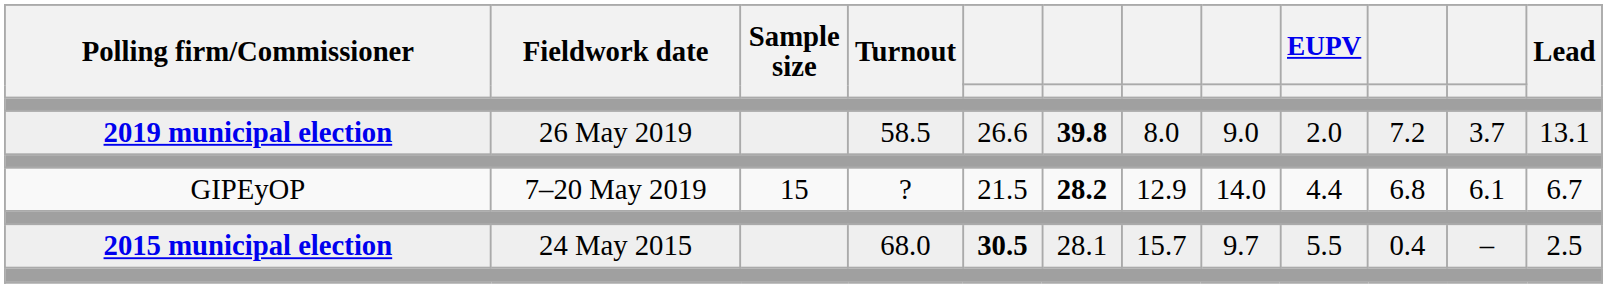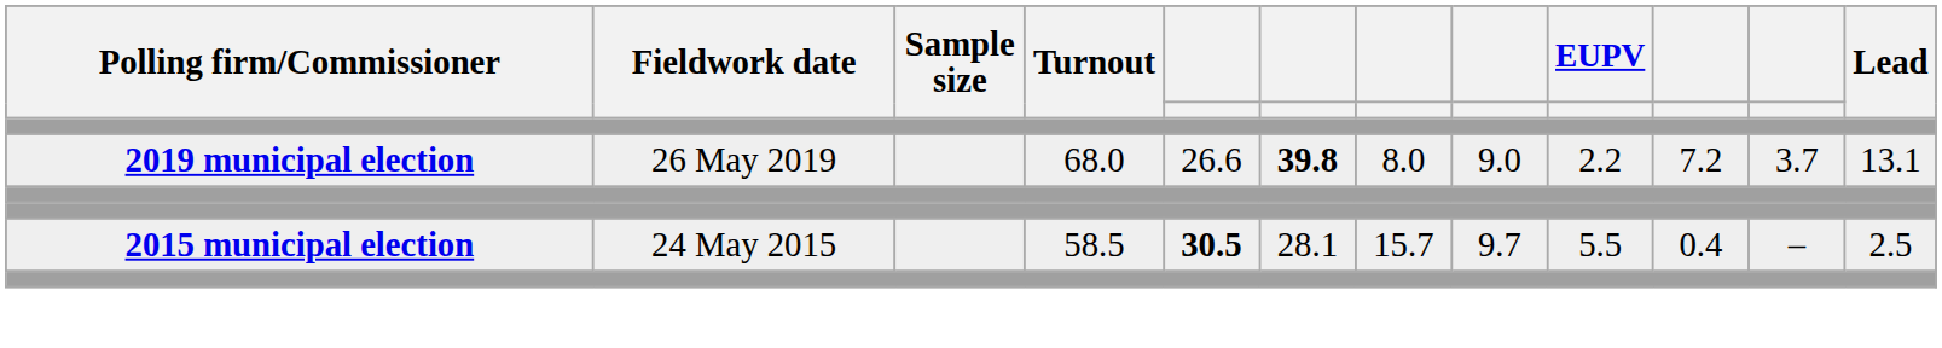 <table class="wikitable collapsible collapsed" style="text-align:center; font-size:95%; line-height:16px;">
 <tr style="height:42px;">
 <th style="width:250px;" rowspan="2">Polling firm/Commissioner</th>
 <th style="width:125px;" rowspan="2">Fieldwork date</th>
 <th style="width:50px;" rowspan="2">Sample size</th>
 <th style="width:45px;" rowspan="2">Turnout</th>
 <th style="width:35px;"></th>
 <th style="width:35px;"></th>
 <th style="width:35px;"></th>
 <th style="width:35px;"></th>
 <th style="width:35px; font-size:95%;"><a href='#'>EUPV</a></th>
 <th style="width:35px;"></th>
 <th style="width:35px;"></th>
 <th style="width:30px;" rowspan="2">Lead</th>
 </tr>
 <tr>
 <th style="color:inherit;background:"></th>
 <th style="color:inherit;background:"></th>
 <th style="color:inherit;background:"></th>
 <th style="color:inherit;background:"></th>
 <th style="color:inherit;background:"></th>
 <th style="color:inherit;background:"></th>
 <th style="color:inherit;background:"></th>
 </tr>
 <tr>
 <td colspan="12" style="background:#A0A0A0"></td>
 </tr>
 <tr style="background:#EFEFEF;">
 <td><strong><a href='#'>2019 municipal election</a></strong></td>
 <td>26 May 2019</td>
 <td></td>
-<td>58.5</td>
+<td>68.0</td>
 <td>26.6<br></td>
 <td><strong>39.8</strong><br></td>
 <td>8.0<br></td>
 <td>9.0<br></td>
-<td>2.0<br></td>
+<td>2.2<br></td>
 <td>7.2<br></td>
 <td>3.7<br></td>
 <td style="background:">13.1</td>
 </tr>
 <tr>
 <td colspan="12" style="background:#A0A0A0"></td>
 </tr>
 <tr>
-<td>GIPEyOP</td>
-<td>7–20 May 2019</td>
-<td>15</td>
-<td>?</td>
-<td>21.5<br></td>
-<td><strong>28.2</strong><br></td>
-<td>12.9<br></td>
-<td>14.0<br></td>
-<td>4.4<br></td>
-<td>6.8<br></td>
-<td>6.1<br></td>
-<td style="background:">6.7</td>
-</tr>
-<tr>
 <td colspan="12" style="background:#A0A0A0"></td>
 </tr>
 <tr style="background:#EFEFEF;">
 <td><strong><a href='#'>2015 municipal election</a></strong></td>
 <td>24 May 2015</td>
 <td></td>
-<td>68.0</td>
+<td>58.5</td>
 <td><strong>30.5</strong><br></td>
 <td>28.1<br></td>
 <td>15.7<br></td>
 <td>9.7<br></td>
 <td>5.5<br></td>
 <td>0.4<br></td>
 <td>–</td>
 <td style="background:">2.5</td>
 </tr>
 <tr>
 <td colspan="12" style="background:#A0A0A0"></td>
 </tr>
 </table>
